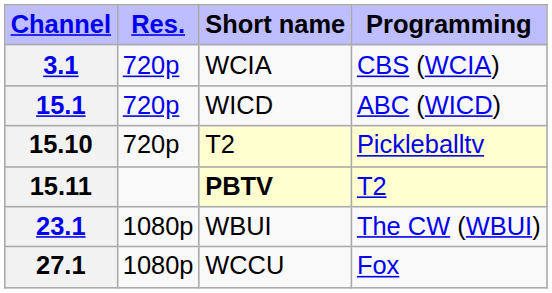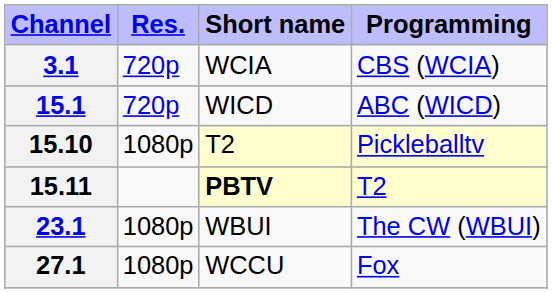 <table class="wikitable">
 <tr>
 <th style="background-color: #bdbdff" scope = "col"><a href='#'>Channel</a></th>
 <th style="background-color: #bdbdff" scope = "col"><a href='#'>Res.</a></th>
 <th style="background-color: #bdbdff" scope = "col">Short name</th>
 <th style="background-color: #bdbdff" scope = "col">Programming</th>
 </tr>
 <tr>
 <th scope = "row"><a href='#'>3.1</a></th>
 <td><a href='#'>720p</a></td>
 <td>WCIA</td>
 <td><a href='#'>CBS</a> (<a href='#'>WCIA</a>)</td>
 </tr>
 <tr>
 <th scope = "row"><a href='#'>15.1</a></th>
 <td><a href='#'>720p</a></td>
 <td>WICD</td>
 <td><a href='#'>ABC</a> (<a href='#'>WICD</a>)</td>
 </tr>
 <tr>
 <th scope = "row">15.10</th>
-<td>720p</td>
+<td>1080p</td>
 <td style="background-color:#ffffd0">T2</td>
 <td style="background-color:#ffffd0"><a href='#'>Pickleballtv</a></td>
 </tr>
 <tr>
 <th scope = "row">15.11</th>
 <td></td>
 <td style="background-color:#ffffd0"><strong>PBTV</strong></td>
 <td style="background-color:#ffffd0"><a href='#'>T2</a></td>
 </tr>
 <tr>
 <th scope = "row"><a href='#'>23.1</a></th>
 <td>1080p</td>
 <td>WBUI</td>
 <td><a href='#'>The CW</a> (<a href='#'>WBUI</a>)</td>
 </tr>
 <tr>
 <th scope = "row">27.1</th>
 <td>1080p</td>
 <td>WCCU</td>
 <td><a href='#'>Fox</a></td>
 </tr>
 </table>
